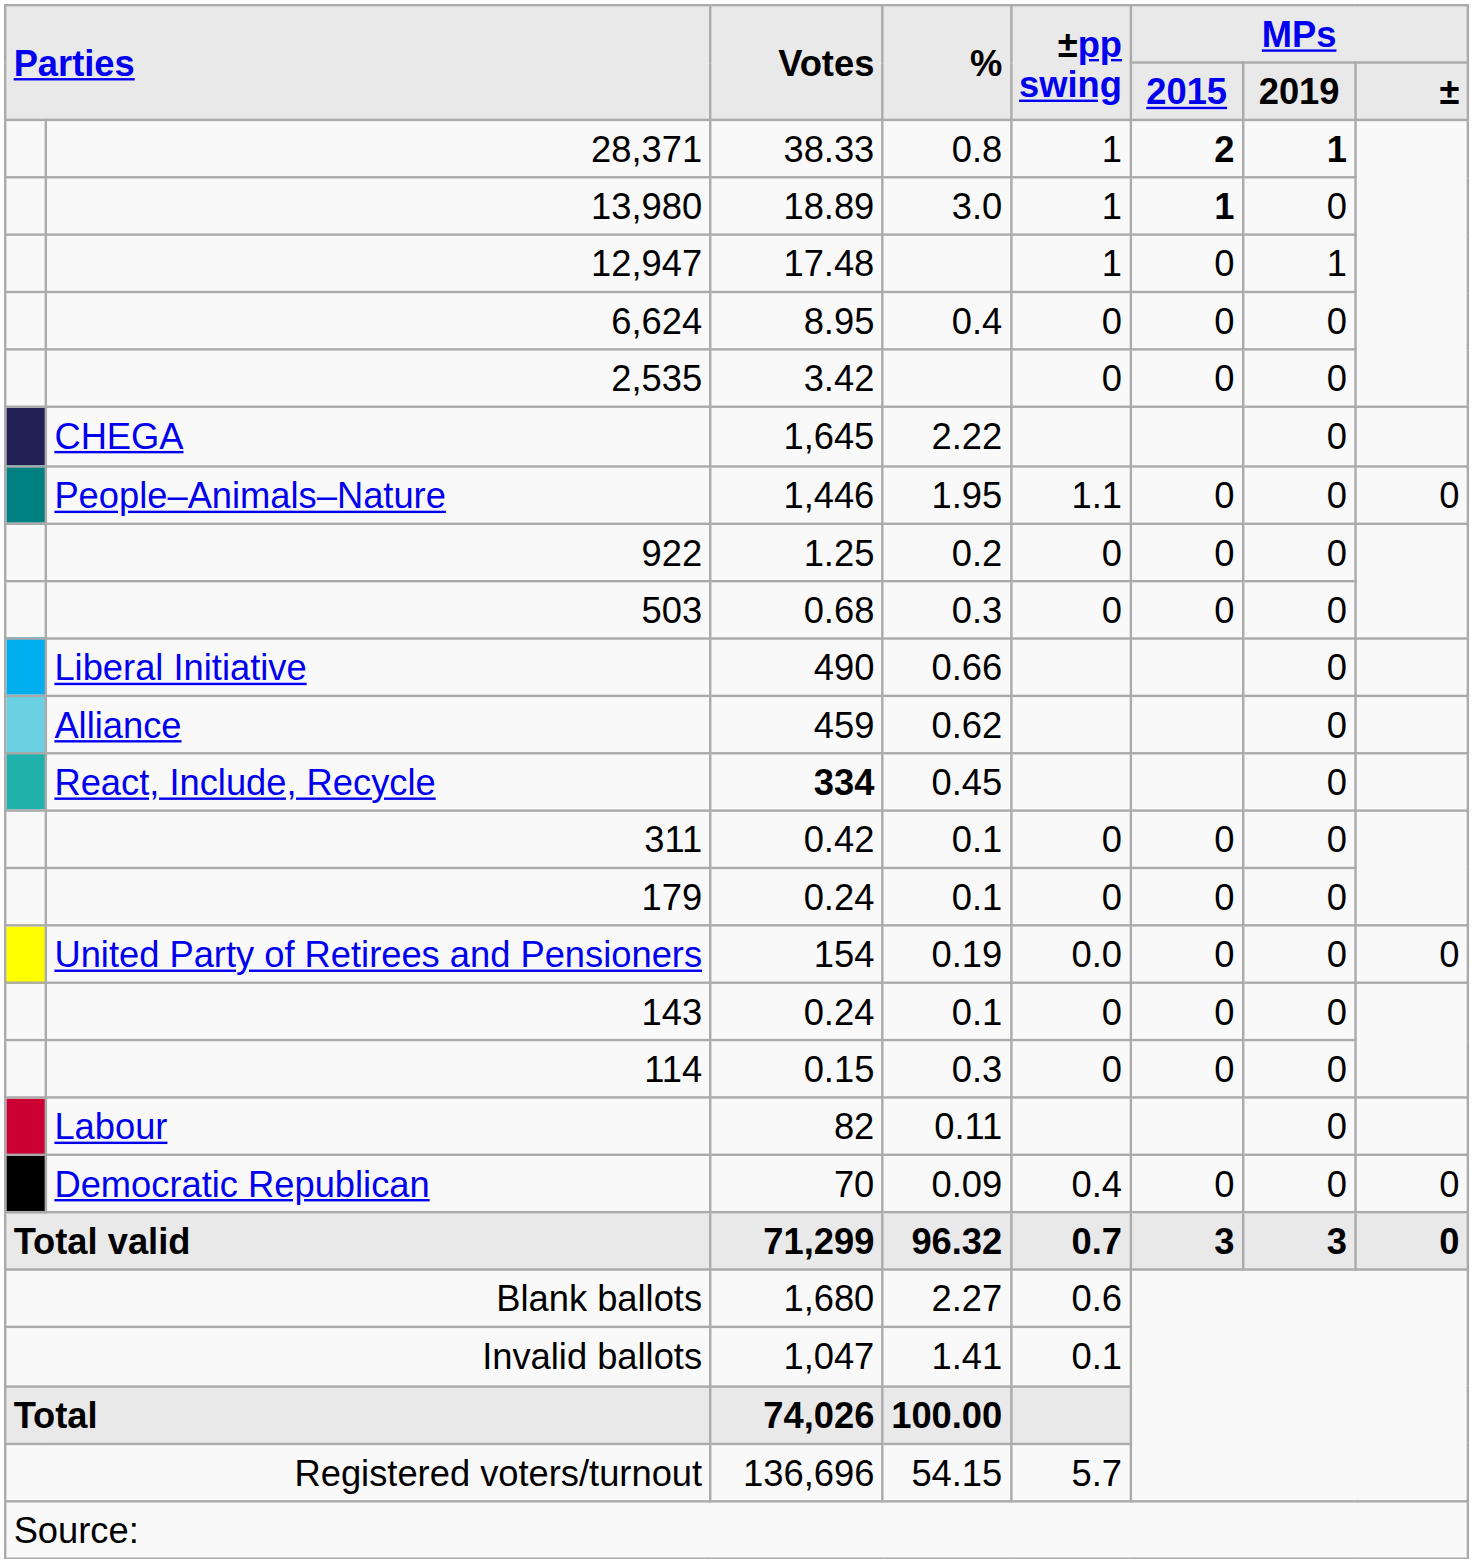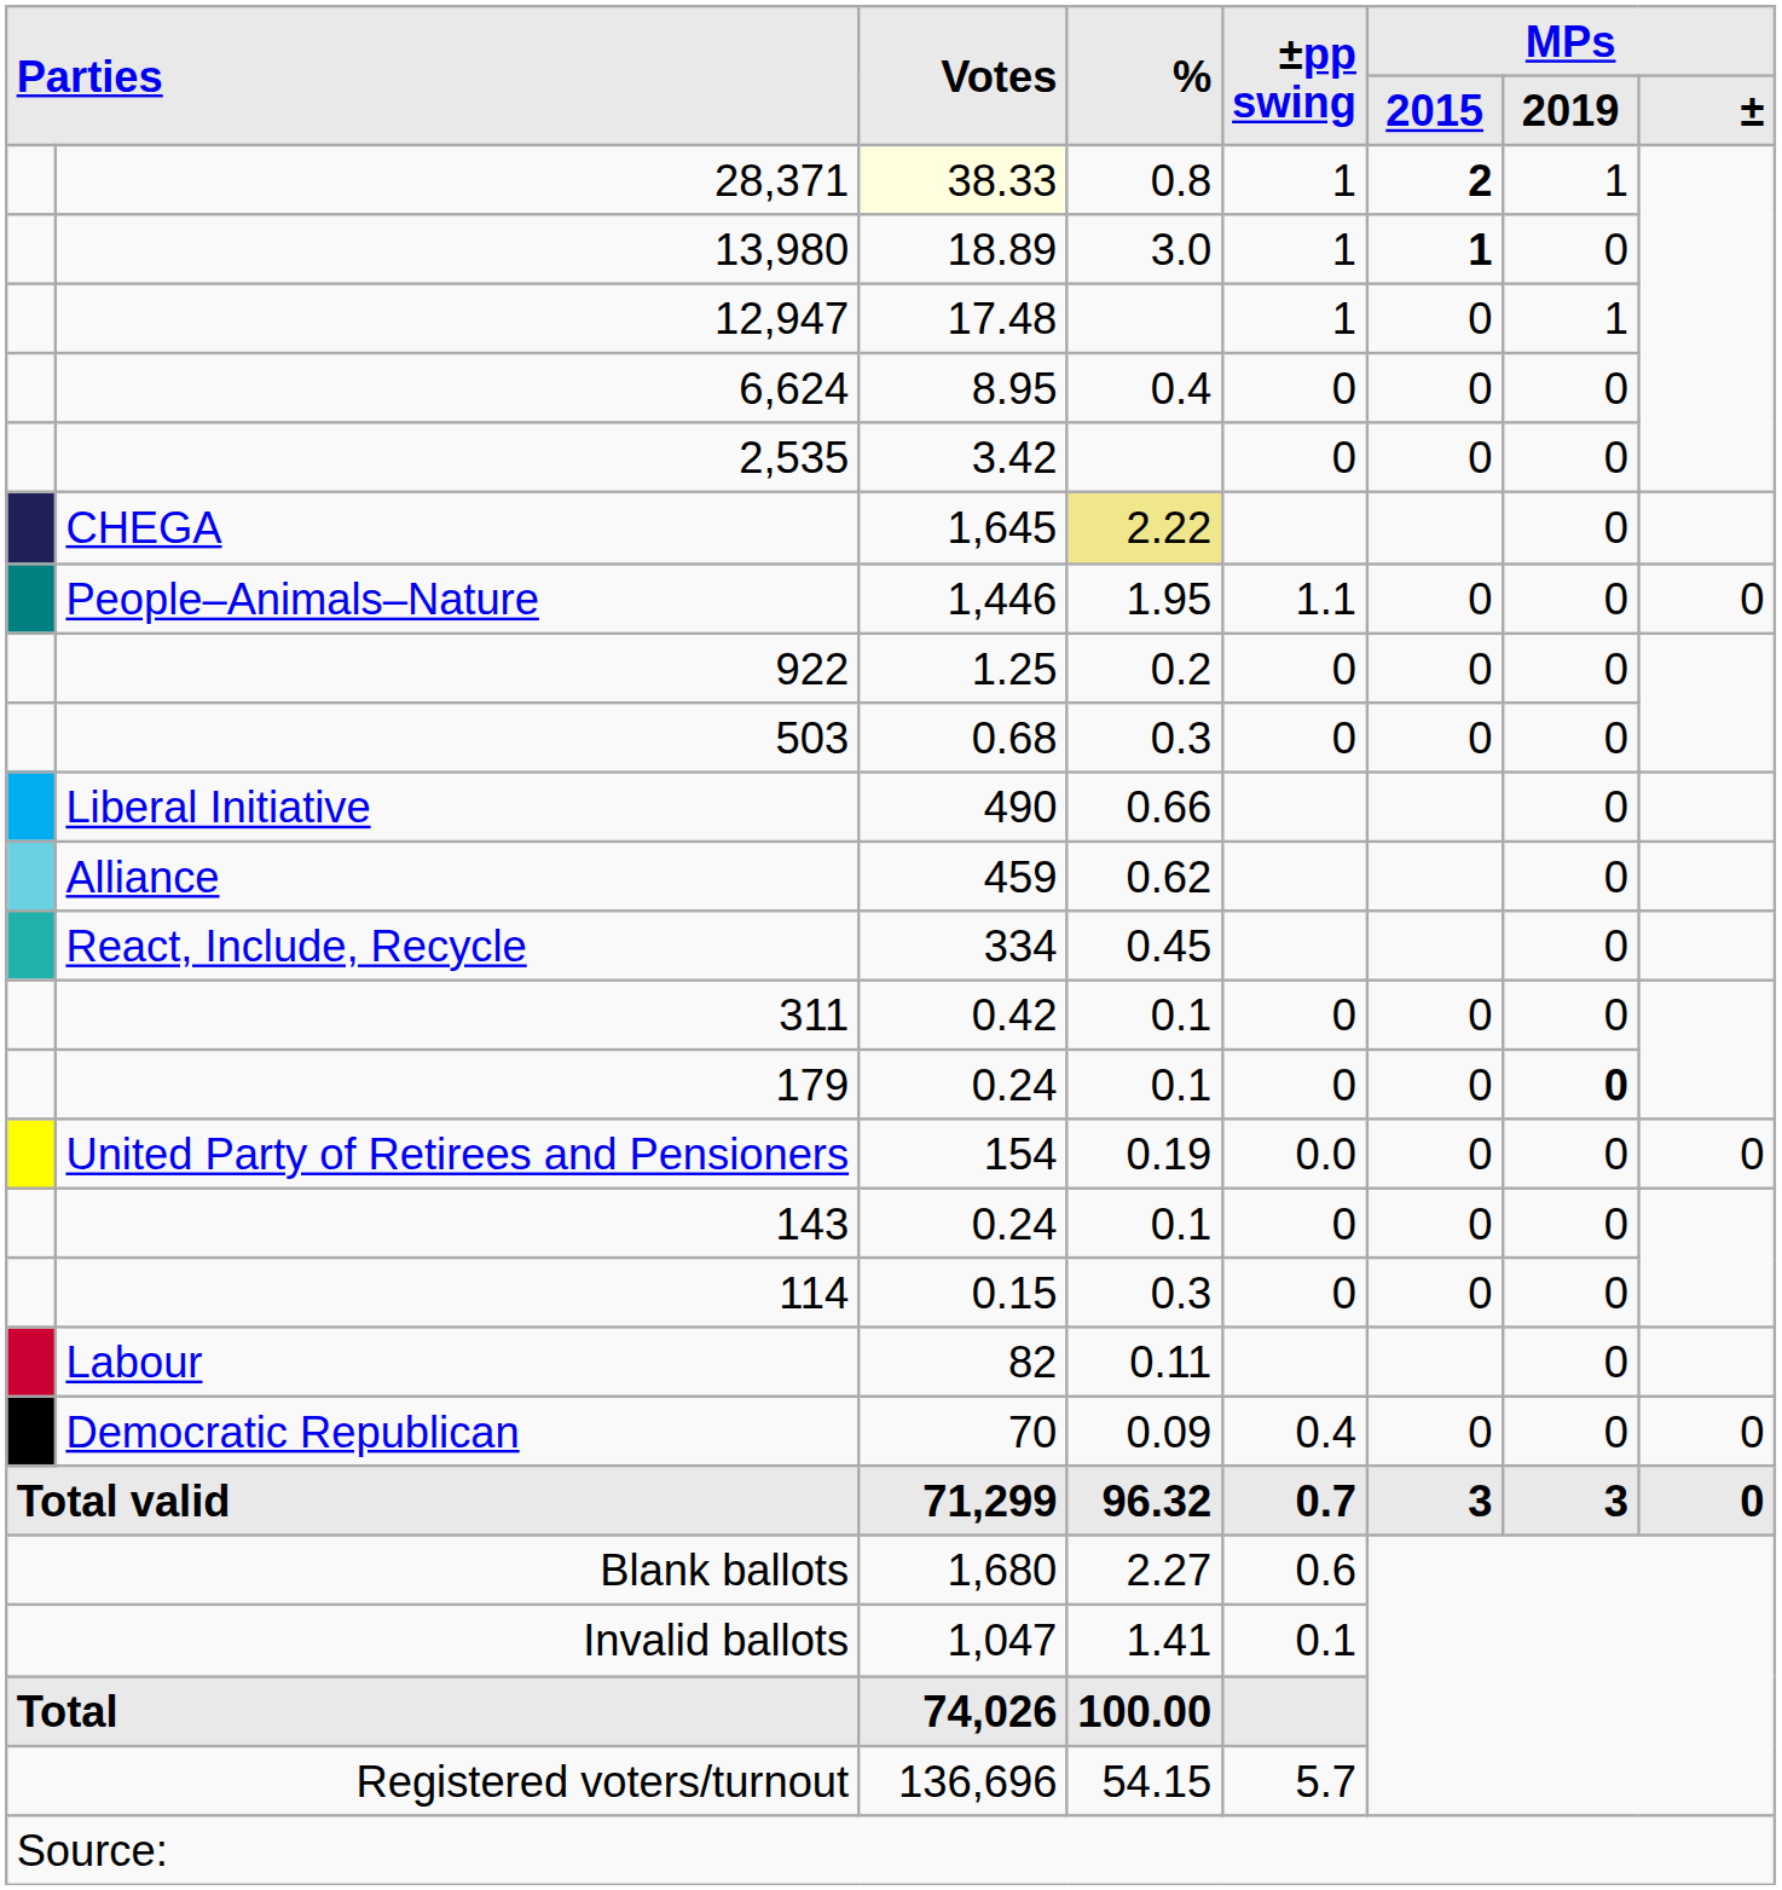 <table class="wikitable" style="text-align:right; font-size:95%;">
 <tr>
 <th rowspan="2" colspan="2" style="background:#e9e9e9; text-align:left;" alignleft><a href='#'>Parties</a></th>
 <th rowspan="2" style="background:#e9e9e9; text-align:right;">Votes</th>
 <th rowspan="2" style="background:#e9e9e9; text-align:right;">%</th>
 <th rowspan="2" style="background:#e9e9e9; text-align:right;">±<a href='#'>pp</a> <a href='#'>swing</a></th>
 <th colspan="3" style="background:#e9e9e9; text-align:center;"><a href='#'>MPs</a></th>
 </tr>
 <tr style="background-color:#E9E9E9">
 <th style="background-color:#E9E9E9;text-align:center;"><a href='#'>2015</a></th>
 <th style="background-color:#E9E9E9;text-align:center;">2019</th>
 <th style="background:#e9e9e9; text-align:right;">±</th>
 </tr>
 <tr>
 <td></td>
 <td>28,371</td>
-<td>38.33</td>
+<td style="background: lightyellow;">38.33</td>
 <td>0.8</td>
 <td>1</td>
 <td><strong>2</strong></td>
-<td><strong>1</strong></td>
+<td>1</td>
 </tr>
 <tr>
 <td></td>
 <td>13,980</td>
 <td>18.89</td>
 <td>3.0</td>
 <td>1</td>
 <td><strong>1</strong></td>
 <td>0</td>
 </tr>
 <tr>
 <td></td>
 <td>12,947</td>
 <td>17.48</td>
 <td></td>
 <td>1</td>
 <td>0</td>
 <td>1</td>
 </tr>
 <tr>
 <td></td>
 <td>6,624</td>
 <td>8.95</td>
 <td>0.4</td>
 <td>0</td>
 <td>0</td>
 <td>0</td>
 </tr>
 <tr>
 <td></td>
 <td>2,535</td>
 <td>3.42</td>
 <td></td>
 <td>0</td>
 <td>0</td>
 <td>0</td>
 </tr>
 <tr>
 <td style="width: 10px" bgcolor="#202056" align="center"></td>
 <td align="left"><a href='#'>CHEGA</a></td>
 <td>1,645</td>
-<td>2.22</td>
+<td style="background: khaki;">2.22</td>
 <td></td>
 <td></td>
 <td>0</td>
 <td></td>
 </tr>
 <tr>
 <td style="width: 10px" bgcolor="teal" align="center"></td>
 <td align="left"><a href='#'>People–Animals–Nature</a></td>
 <td>1,446</td>
 <td>1.95</td>
 <td>1.1</td>
 <td>0</td>
 <td>0</td>
 <td>0</td>
 </tr>
 <tr>
 <td></td>
 <td>922</td>
 <td>1.25</td>
 <td>0.2</td>
 <td>0</td>
 <td>0</td>
 <td>0</td>
 </tr>
 <tr>
 <td></td>
 <td>503</td>
 <td>0.68</td>
 <td>0.3</td>
 <td>0</td>
 <td>0</td>
 <td>0</td>
 </tr>
 <tr>
 <td style="width: 10px" bgcolor="#00ADEF" align="center"></td>
 <td align="left"><a href='#'>Liberal Initiative</a></td>
 <td>490</td>
 <td>0.66</td>
 <td></td>
 <td></td>
 <td>0</td>
 <td></td>
 </tr>
 <tr>
 <td style="width: 10px" bgcolor="#6AD1E3" align="center"></td>
 <td align="left"><a href='#'>Alliance</a></td>
 <td>459</td>
 <td>0.62</td>
 <td></td>
 <td></td>
 <td>0</td>
 <td></td>
 </tr>
 <tr>
 <td style="width: 10px" bgcolor=LightSeaGreen align="center"></td>
 <td align=left><a href='#'>React, Include, Recycle</a></td>
-<td><strong>334</strong></td>
+<td>334</td>
 <td>0.45</td>
 <td></td>
 <td></td>
 <td>0</td>
 <td></td>
 </tr>
 <tr>
 <td></td>
 <td>311</td>
 <td>0.42</td>
 <td>0.1</td>
 <td>0</td>
 <td>0</td>
 <td>0</td>
 </tr>
 <tr>
 <td></td>
 <td>179</td>
 <td>0.24</td>
 <td>0.1</td>
 <td>0</td>
 <td>0</td>
-<td>0</td>
+<td><strong>0</strong></td>
 </tr>
 <tr>
 <td style="width: 10px" bgcolor=yellow align="center"></td>
 <td align=left><a href='#'>United Party of Retirees and Pensioners</a></td>
 <td>154</td>
 <td>0.19</td>
 <td>0.0</td>
 <td>0</td>
 <td>0</td>
 <td>0</td>
 </tr>
 <tr>
 <td></td>
 <td>143</td>
 <td>0.24</td>
 <td>0.1</td>
 <td>0</td>
 <td>0</td>
 <td>0</td>
 </tr>
 <tr>
 <td></td>
 <td>114</td>
 <td>0.15</td>
 <td>0.3</td>
 <td>0</td>
 <td>0</td>
 <td>0</td>
 </tr>
 <tr>
 <td style="width: 10px" bgcolor=#CC0033 align="center"></td>
 <td align=left><a href='#'>Labour</a></td>
 <td>82</td>
 <td>0.11</td>
 <td></td>
 <td></td>
 <td>0</td>
 <td></td>
 </tr>
 <tr>
 <td style="width: 10px" bgcolor=black align="center"></td>
 <td align=left><a href='#'>Democratic Republican</a></td>
 <td>70</td>
 <td>0.09</td>
 <td>0.4</td>
 <td>0</td>
 <td>0</td>
 <td>0</td>
 </tr>
 <tr>
 <td colspan=2 align=left style="background-color:#E9E9E9"><strong>Total valid</strong></td>
 <td width="65" align="right" style="background-color:#E9E9E9"><strong>71,299</strong></td>
 <td width="40" align="right" style="background-color:#E9E9E9"><strong>96.32</strong></td>
 <td width="40" align="right" style="background-color:#E9E9E9"><strong>0.7</strong></td>
 <td width="40" align="right" style="background-color:#E9E9E9"><strong>3</strong></td>
 <td width="40" align="right" style="background-color:#E9E9E9"><strong>3</strong></td>
 <td width="40" align="right" style="background-color:#E9E9E9"><strong>0</strong></td>
 </tr>
 <tr>
 <td colspan=2>Blank ballots</td>
 <td>1,680</td>
 <td>2.27</td>
 <td>0.6</td>
 <td colspan=4 rowspan=4></td>
 </tr>
 <tr>
 <td colspan=2>Invalid ballots</td>
 <td>1,047</td>
 <td>1.41</td>
 <td>0.1</td>
 </tr>
 <tr>
 <td colspan=2 width="259" align=left style="background-color:#E9E9E9"><strong>Total</strong></td>
 <td width="50" align="right" style="background-color:#E9E9E9"><strong>74,026</strong></td>
 <td width="40" align="right" style="background-color:#E9E9E9"><strong>100.00</strong></td>
 <td width="40" align="right" style="background-color:#E9E9E9"></td>
 </tr>
 <tr>
 <td colspan=2>Registered voters/turnout</td>
 <td>136,696</td>
 <td>54.15</td>
 <td>5.7</td>
 </tr>
 <tr>
 <td colspan=11 align=left>Source: </td>
 </tr>
 </table>
